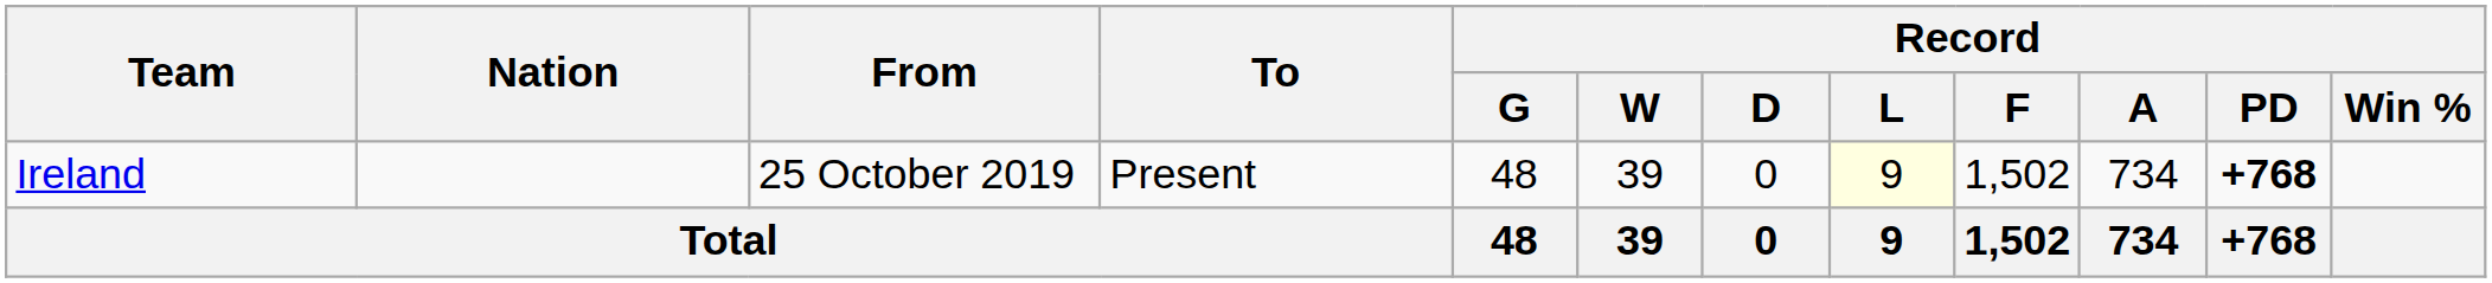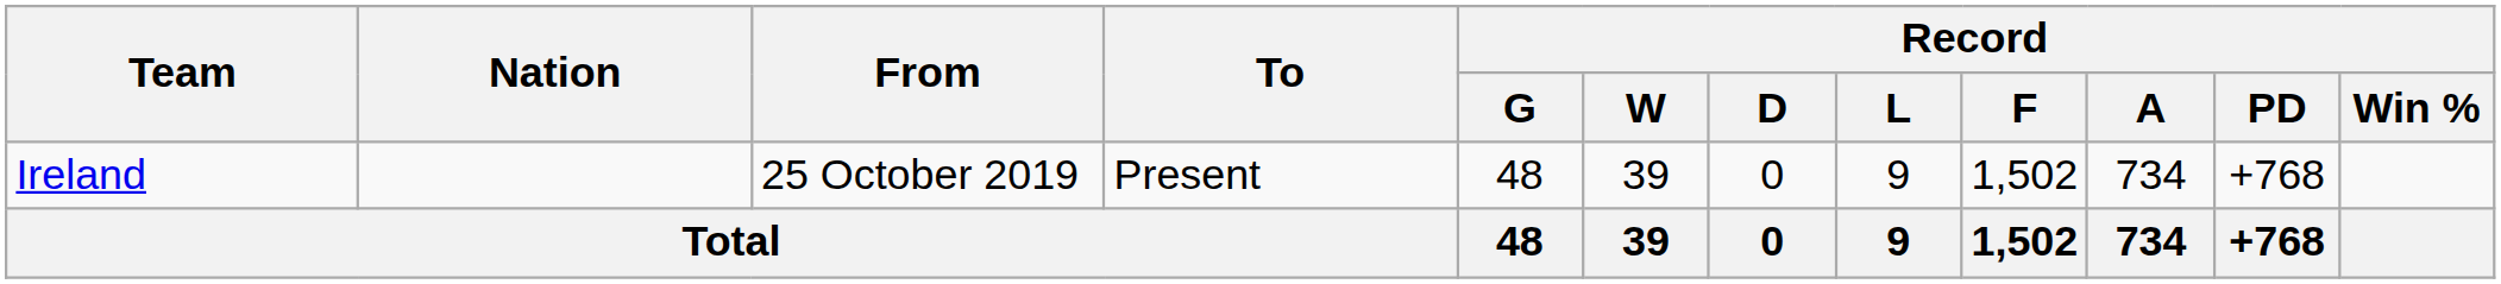 <table class="wikitable" style="text-align: center">
 <tr>
 <th rowspan=2! width=125>Team</th>
 <th rowspan=2! width=140>Nation</th>
 <th rowspan=2! width=125>From</th>
 <th rowspan=2! width=125>To</th>
 <th colspan=8>Record</th>
 </tr>
 <tr>
 <th width=40>G</th>
 <th width=40>W</th>
 <th width=40>D</th>
 <th width=40>L</th>
 <th width=40>F</th>
 <th width=40>A</th>
 <th width=40>PD</th>
 <th width=50>Win %</th>
 </tr>
 <tr>
 <td align="left"><a href='#'>Ireland</a></td>
 <td align="left"></td>
 <td align=left>25 October 2019</td>
 <td align=left>Present</td>
 <td>48</td>
 <td>39</td>
 <td>0</td>
-<td style="background: lightyellow;">9</td>
+<td>9</td>
 <td>1,502</td>
 <td>734</td>
-<td><strong>+768</strong></td>
+<td>+768</td>
 <td></td>
 </tr>
 <tr>
 <th align="center" colspan="4">Total</th>
 <th>48</th>
 <th>39</th>
 <th>0</th>
 <th>9</th>
 <th>1,502</th>
 <th>734</th>
 <th>+768</th>
 <th></th>
 </tr>
 </table>
